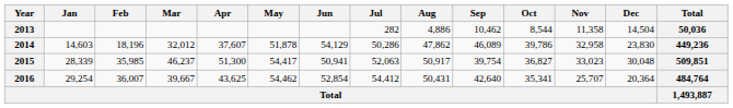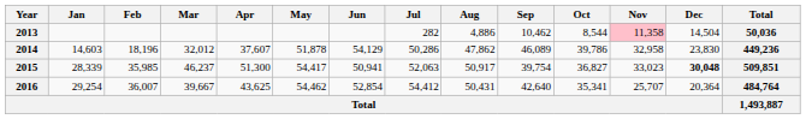 <table class=wikitable style="text-align:right; font-size:0.9em; width:1050px;">
 <tr>
 <th>Year</th>
 <th>Jan</th>
 <th>Feb</th>
 <th>Mar</th>
 <th>Apr</th>
 <th>May</th>
 <th>Jun</th>
 <th>Jul</th>
 <th>Aug</th>
 <th>Sep</th>
 <th>Oct</th>
 <th>Nov</th>
 <th>Dec</th>
 <th>Total</th>
 </tr>
 <tr>
 <th>2013</th>
 <td></td>
 <td></td>
 <td></td>
 <td></td>
 <td></td>
 <td></td>
 <td>282</td>
 <td>4,886</td>
 <td>10,462</td>
 <td>8,544</td>
-<td>11,358</td>
+<td style="background: pink;">11,358</td>
 <td>14,504</td>
 <th>50,036</th>
 </tr>
 <tr>
 <th>2014</th>
 <td>14,603</td>
 <td>18,196</td>
 <td>32,012</td>
 <td>37,607</td>
 <td>51,878</td>
 <td>54,129</td>
 <td>50,286</td>
 <td>47,862</td>
 <td>46,089</td>
 <td>39,786</td>
 <td>32,958</td>
 <td>23,830</td>
 <th>449,236</th>
 </tr>
 <tr>
 <th>2015</th>
 <td>28,339</td>
 <td>35,985</td>
 <td>46,237</td>
 <td>51,300</td>
 <td>54,417</td>
 <td>50,941</td>
 <td>52,063</td>
 <td>50,917</td>
 <td>39,754</td>
 <td>36,827</td>
 <td>33,023</td>
-<td>30,048</td>
+<td><strong>30,048</strong></td>
 <th>509,851</th>
 </tr>
 <tr>
 <th>2016</th>
 <td>29,254</td>
 <td>36,007</td>
 <td>39,667</td>
 <td>43,625</td>
 <td>54,462</td>
 <td>52,854</td>
 <td>54,412</td>
 <td>50,431</td>
 <td>42,640</td>
 <td>35,341</td>
 <td>25,707</td>
 <td>20,364</td>
 <th>484,764</th>
 </tr>
 <tr>
 <th colspan=13>Total</th>
 <th>1,493,887</th>
 </tr>
 </table>
